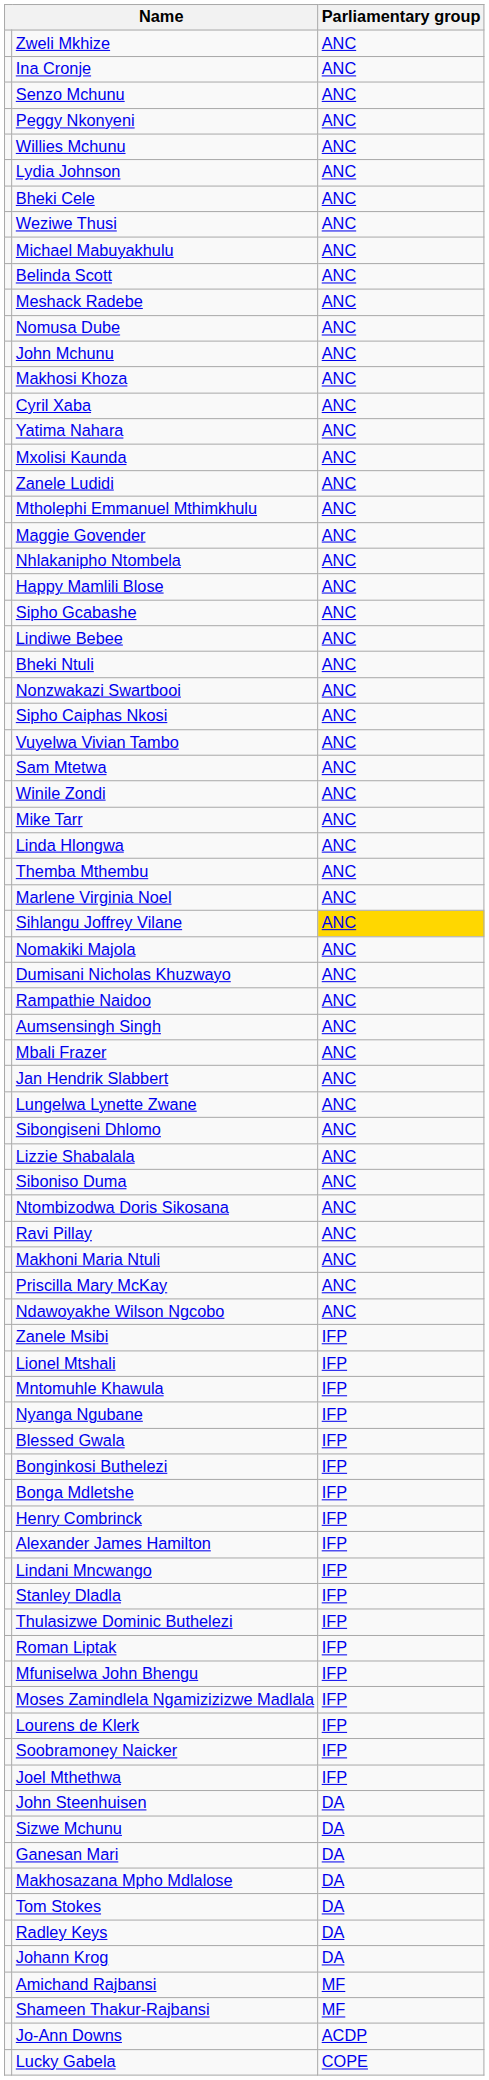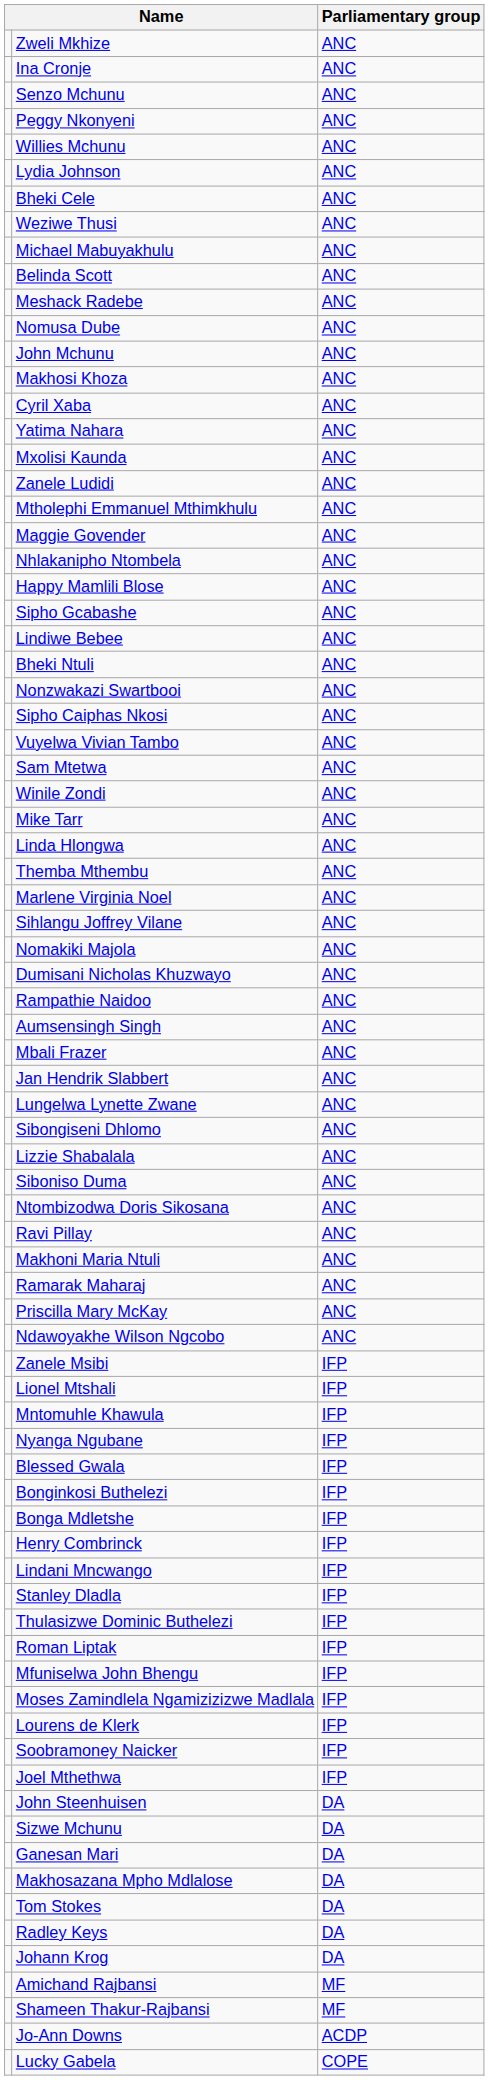 <table class="wikitable sortable plainrowheaders">
 <tr>
 <th colspan="2" scope="col">Name</th>
 <th scope="col">Parliamentary group</th>
 </tr>
 <tr>
 <td style="background-color: "></td>
 <td><a href='#'>Zweli Mkhize</a></td>
 <td><a href='#'>ANC</a></td>
 </tr>
 <tr>
 <td style="background-color: "></td>
 <td><a href='#'>Ina Cronje</a></td>
 <td><a href='#'>ANC</a></td>
 </tr>
 <tr>
 <td style="background-color: "></td>
 <td><a href='#'>Senzo Mchunu</a></td>
 <td><a href='#'>ANC</a></td>
 </tr>
 <tr>
 <td style="background-color: "></td>
 <td><a href='#'>Peggy Nkonyeni</a></td>
 <td><a href='#'>ANC</a></td>
 </tr>
 <tr>
 <td style="background-color: "></td>
 <td><a href='#'>Willies Mchunu</a></td>
 <td><a href='#'>ANC</a></td>
 </tr>
 <tr>
 <td style="background-color: "></td>
 <td><a href='#'>Lydia Johnson</a></td>
 <td><a href='#'>ANC</a></td>
 </tr>
 <tr>
 <td style="background-color: "></td>
 <td><a href='#'>Bheki Cele</a></td>
 <td><a href='#'>ANC</a></td>
 </tr>
 <tr>
 <td style="background-color: "></td>
 <td><a href='#'>Weziwe Thusi</a></td>
 <td><a href='#'>ANC</a></td>
 </tr>
 <tr>
 <td style="background-color: "></td>
 <td><a href='#'>Michael Mabuyakhulu</a></td>
 <td><a href='#'>ANC</a></td>
 </tr>
 <tr>
 <td style="background-color: "></td>
 <td><a href='#'>Belinda Scott</a></td>
 <td><a href='#'>ANC</a></td>
 </tr>
 <tr>
 <td style="background-color: "></td>
 <td><a href='#'>Meshack Radebe</a></td>
 <td><a href='#'>ANC</a></td>
 </tr>
 <tr>
 <td style="background-color: "></td>
 <td><a href='#'>Nomusa Dube</a></td>
 <td><a href='#'>ANC</a></td>
 </tr>
 <tr>
 <td style="background-color: "></td>
 <td><a href='#'>John Mchunu</a></td>
 <td><a href='#'>ANC</a></td>
 </tr>
 <tr>
 <td style="background-color: "></td>
 <td><a href='#'>Makhosi Khoza</a></td>
 <td><a href='#'>ANC</a></td>
 </tr>
 <tr>
 <td style="background-color: "></td>
 <td><a href='#'>Cyril Xaba</a></td>
 <td><a href='#'>ANC</a></td>
 </tr>
 <tr>
 <td style="background-color: "></td>
 <td><a href='#'>Yatima Nahara</a></td>
 <td><a href='#'>ANC</a></td>
 </tr>
 <tr>
 <td style="background-color: "></td>
 <td><a href='#'>Mxolisi Kaunda</a></td>
 <td><a href='#'>ANC</a></td>
 </tr>
 <tr>
 <td style="background-color: "></td>
 <td><a href='#'>Zanele Ludidi</a></td>
 <td><a href='#'>ANC</a></td>
 </tr>
 <tr>
 <td style="background-color: "></td>
 <td><a href='#'>Mtholephi Emmanuel Mthimkhulu</a></td>
 <td><a href='#'>ANC</a></td>
 </tr>
 <tr>
 <td style="background-color: "></td>
 <td><a href='#'>Maggie Govender</a></td>
 <td><a href='#'>ANC</a></td>
 </tr>
 <tr>
 <td style="background-color: "></td>
 <td><a href='#'>Nhlakanipho Ntombela</a></td>
 <td><a href='#'>ANC</a></td>
 </tr>
 <tr>
 <td style="background-color: "></td>
 <td><a href='#'>Happy Mamlili Blose</a></td>
 <td><a href='#'>ANC</a></td>
 </tr>
 <tr>
 <td style="background-color: "></td>
 <td><a href='#'>Sipho Gcabashe</a></td>
 <td><a href='#'>ANC</a></td>
 </tr>
 <tr>
 <td style="background-color: "></td>
 <td><a href='#'>Lindiwe Bebee</a></td>
 <td><a href='#'>ANC</a></td>
 </tr>
 <tr>
 <td style="background-color: "></td>
 <td><a href='#'>Bheki Ntuli</a></td>
 <td><a href='#'>ANC</a></td>
 </tr>
 <tr>
 <td style="background-color: "></td>
 <td><a href='#'>Nonzwakazi Swartbooi</a></td>
 <td><a href='#'>ANC</a></td>
 </tr>
 <tr>
 <td style="background-color: "></td>
 <td><a href='#'>Sipho Caiphas Nkosi</a></td>
 <td><a href='#'>ANC</a></td>
 </tr>
 <tr>
 <td style="background-color: "></td>
 <td><a href='#'>Vuyelwa Vivian Tambo</a></td>
 <td><a href='#'>ANC</a></td>
 </tr>
 <tr>
 <td style="background-color: "></td>
 <td><a href='#'>Sam Mtetwa</a></td>
 <td><a href='#'>ANC</a></td>
 </tr>
 <tr>
 <td style="background-color: "></td>
 <td><a href='#'>Winile Zondi</a></td>
 <td><a href='#'>ANC</a></td>
 </tr>
 <tr>
 <td style="background-color: "></td>
 <td><a href='#'>Mike Tarr</a></td>
 <td><a href='#'>ANC</a></td>
 </tr>
 <tr>
 <td style="background-color: "></td>
 <td><a href='#'>Linda Hlongwa</a></td>
 <td><a href='#'>ANC</a></td>
 </tr>
 <tr>
 <td style="background-color: "></td>
 <td><a href='#'>Themba Mthembu</a></td>
 <td><a href='#'>ANC</a></td>
 </tr>
 <tr>
 <td style="background-color: "></td>
 <td><a href='#'>Marlene Virginia Noel</a></td>
 <td><a href='#'>ANC</a></td>
 </tr>
 <tr>
 <td style="background-color: "></td>
 <td><a href='#'>Sihlangu Joffrey Vilane</a></td>
-<td style="background: gold;"><a href='#'>ANC</a></td>
+<td><a href='#'>ANC</a></td>
 </tr>
 <tr>
 <td style="background-color: "></td>
 <td><a href='#'>Nomakiki Majola</a></td>
 <td><a href='#'>ANC</a></td>
 </tr>
 <tr>
 <td style="background-color: "></td>
 <td><a href='#'>Dumisani Nicholas Khuzwayo</a></td>
 <td><a href='#'>ANC</a></td>
 </tr>
 <tr>
 <td style="background-color: "></td>
 <td><a href='#'>Rampathie Naidoo</a></td>
 <td><a href='#'>ANC</a></td>
 </tr>
 <tr>
 <td style="background-color: "></td>
 <td><a href='#'>Aumsensingh Singh</a></td>
 <td><a href='#'>ANC</a></td>
 </tr>
 <tr>
 <td style="background-color: "></td>
 <td><a href='#'>Mbali Frazer</a></td>
 <td><a href='#'>ANC</a></td>
 </tr>
 <tr>
 <td style="background-color: "></td>
 <td><a href='#'>Jan Hendrik Slabbert</a></td>
 <td><a href='#'>ANC</a></td>
 </tr>
 <tr>
 <td style="background-color: "></td>
 <td><a href='#'>Lungelwa Lynette Zwane</a></td>
 <td><a href='#'>ANC</a></td>
 </tr>
 <tr>
 <td style="background-color: "></td>
 <td><a href='#'>Sibongiseni Dhlomo</a></td>
 <td><a href='#'>ANC</a></td>
 </tr>
 <tr>
 <td style="background-color: "></td>
 <td><a href='#'>Lizzie Shabalala</a></td>
 <td><a href='#'>ANC</a></td>
 </tr>
 <tr>
 <td style="background-color: "></td>
 <td><a href='#'>Siboniso Duma</a></td>
 <td><a href='#'>ANC</a></td>
 </tr>
 <tr>
 <td style="background-color: "></td>
 <td><a href='#'>Ntombizodwa Doris Sikosana</a></td>
 <td><a href='#'>ANC</a></td>
 </tr>
 <tr>
 <td style="background-color: "></td>
 <td><a href='#'>Ravi Pillay</a></td>
 <td><a href='#'>ANC</a></td>
 </tr>
 <tr>
 <td style="background-color: "></td>
 <td><a href='#'>Makhoni Maria Ntuli</a></td>
 <td><a href='#'>ANC</a></td>
 </tr>
 <tr>
 <td style="background-color: "></td>
+<td><a href='#'>Ramarak Maharaj</a></td>
+<td><a href='#'>ANC</a></td>
+</tr>
+<tr>
+<td style="background-color: "></td>
 <td><a href='#'>Priscilla Mary McKay</a></td>
 <td><a href='#'>ANC</a></td>
 </tr>
 <tr>
 <td style="background-color: "></td>
 <td><a href='#'>Ndawoyakhe Wilson Ngcobo</a></td>
 <td><a href='#'>ANC</a></td>
 </tr>
 <tr>
 <td style="background-color: "></td>
 <td><a href='#'>Zanele Msibi</a></td>
 <td><a href='#'>IFP</a></td>
 </tr>
 <tr>
 <td style="background-color: "></td>
 <td><a href='#'>Lionel Mtshali</a></td>
 <td><a href='#'>IFP</a></td>
 </tr>
 <tr>
 <td style="background-color: "></td>
 <td><a href='#'>Mntomuhle Khawula</a></td>
 <td><a href='#'>IFP</a></td>
 </tr>
 <tr>
 <td style="background-color: "></td>
 <td><a href='#'>Nyanga Ngubane</a></td>
 <td><a href='#'>IFP</a></td>
 </tr>
 <tr>
 <td style="background-color: "></td>
 <td><a href='#'>Blessed Gwala</a></td>
 <td><a href='#'>IFP</a></td>
 </tr>
 <tr>
 <td style="background-color: "></td>
 <td><a href='#'>Bonginkosi Buthelezi</a></td>
 <td><a href='#'>IFP</a></td>
 </tr>
 <tr>
 <td style="background-color: "></td>
 <td><a href='#'>Bonga Mdletshe</a></td>
 <td><a href='#'>IFP</a></td>
 </tr>
 <tr>
 <td style="background-color: "></td>
 <td><a href='#'>Henry Combrinck</a></td>
-<td><a href='#'>IFP</a></td>
-</tr>
-<tr>
-<td style="background-color: "></td>
-<td><a href='#'>Alexander James Hamilton</a></td>
 <td><a href='#'>IFP</a></td>
 </tr>
 <tr>
 <td style="background-color: "></td>
 <td><a href='#'>Lindani Mncwango</a></td>
 <td><a href='#'>IFP</a></td>
 </tr>
 <tr>
 <td style="background-color: "></td>
 <td><a href='#'>Stanley Dladla</a></td>
 <td><a href='#'>IFP</a></td>
 </tr>
 <tr>
 <td style="background-color: "></td>
 <td><a href='#'>Thulasizwe Dominic Buthelezi</a></td>
 <td><a href='#'>IFP</a></td>
 </tr>
 <tr>
 <td style="background-color: "></td>
 <td><a href='#'>Roman Liptak</a></td>
 <td><a href='#'>IFP</a></td>
 </tr>
 <tr>
 <td style="background-color: "></td>
 <td><a href='#'>Mfuniselwa John Bhengu</a></td>
 <td><a href='#'>IFP</a></td>
 </tr>
 <tr>
 <td style="background-color: "></td>
 <td><a href='#'>Moses Zamindlela Ngamizizizwe Madlala</a></td>
 <td><a href='#'>IFP</a></td>
 </tr>
 <tr>
 <td style="background-color: "></td>
 <td><a href='#'>Lourens de Klerk</a></td>
 <td><a href='#'>IFP</a></td>
 </tr>
 <tr>
 <td style="background-color: "></td>
 <td><a href='#'>Soobramoney Naicker</a></td>
 <td><a href='#'>IFP</a></td>
 </tr>
 <tr>
 <td style="background-color: "></td>
 <td><a href='#'>Joel Mthethwa</a></td>
 <td><a href='#'>IFP</a></td>
 </tr>
 <tr>
 <td style="background-color: "></td>
 <td><a href='#'>John Steenhuisen</a></td>
 <td><a href='#'>DA</a></td>
 </tr>
 <tr>
 <td style="background-color: "></td>
 <td><a href='#'>Sizwe Mchunu</a></td>
 <td><a href='#'>DA</a></td>
 </tr>
 <tr>
 <td style="background-color: "></td>
 <td><a href='#'>Ganesan Mari</a></td>
 <td><a href='#'>DA</a></td>
 </tr>
 <tr>
 <td style="background-color: "></td>
 <td><a href='#'>Makhosazana Mpho Mdlalose</a></td>
 <td><a href='#'>DA</a></td>
 </tr>
 <tr>
 <td style="background-color: "></td>
 <td><a href='#'>Tom Stokes</a></td>
 <td><a href='#'>DA</a></td>
 </tr>
 <tr>
 <td style="background-color: "></td>
 <td><a href='#'>Radley Keys</a></td>
 <td><a href='#'>DA</a></td>
 </tr>
 <tr>
 <td style="background-color: "></td>
 <td><a href='#'>Johann Krog</a></td>
 <td><a href='#'>DA</a></td>
 </tr>
 <tr>
 <td style="background-color: "></td>
 <td><a href='#'>Amichand Rajbansi</a></td>
 <td><a href='#'>MF</a></td>
 </tr>
 <tr>
 <td style="background-color: "></td>
 <td><a href='#'>Shameen Thakur-Rajbansi</a></td>
 <td><a href='#'>MF</a></td>
 </tr>
 <tr>
 <td style="background-color: "></td>
 <td><a href='#'>Jo-Ann Downs</a></td>
 <td><a href='#'>ACDP</a></td>
 </tr>
 <tr>
 <td style="background-color: "></td>
 <td><a href='#'>Lucky Gabela</a></td>
 <td><a href='#'>COPE</a></td>
 </tr>
 </table>
